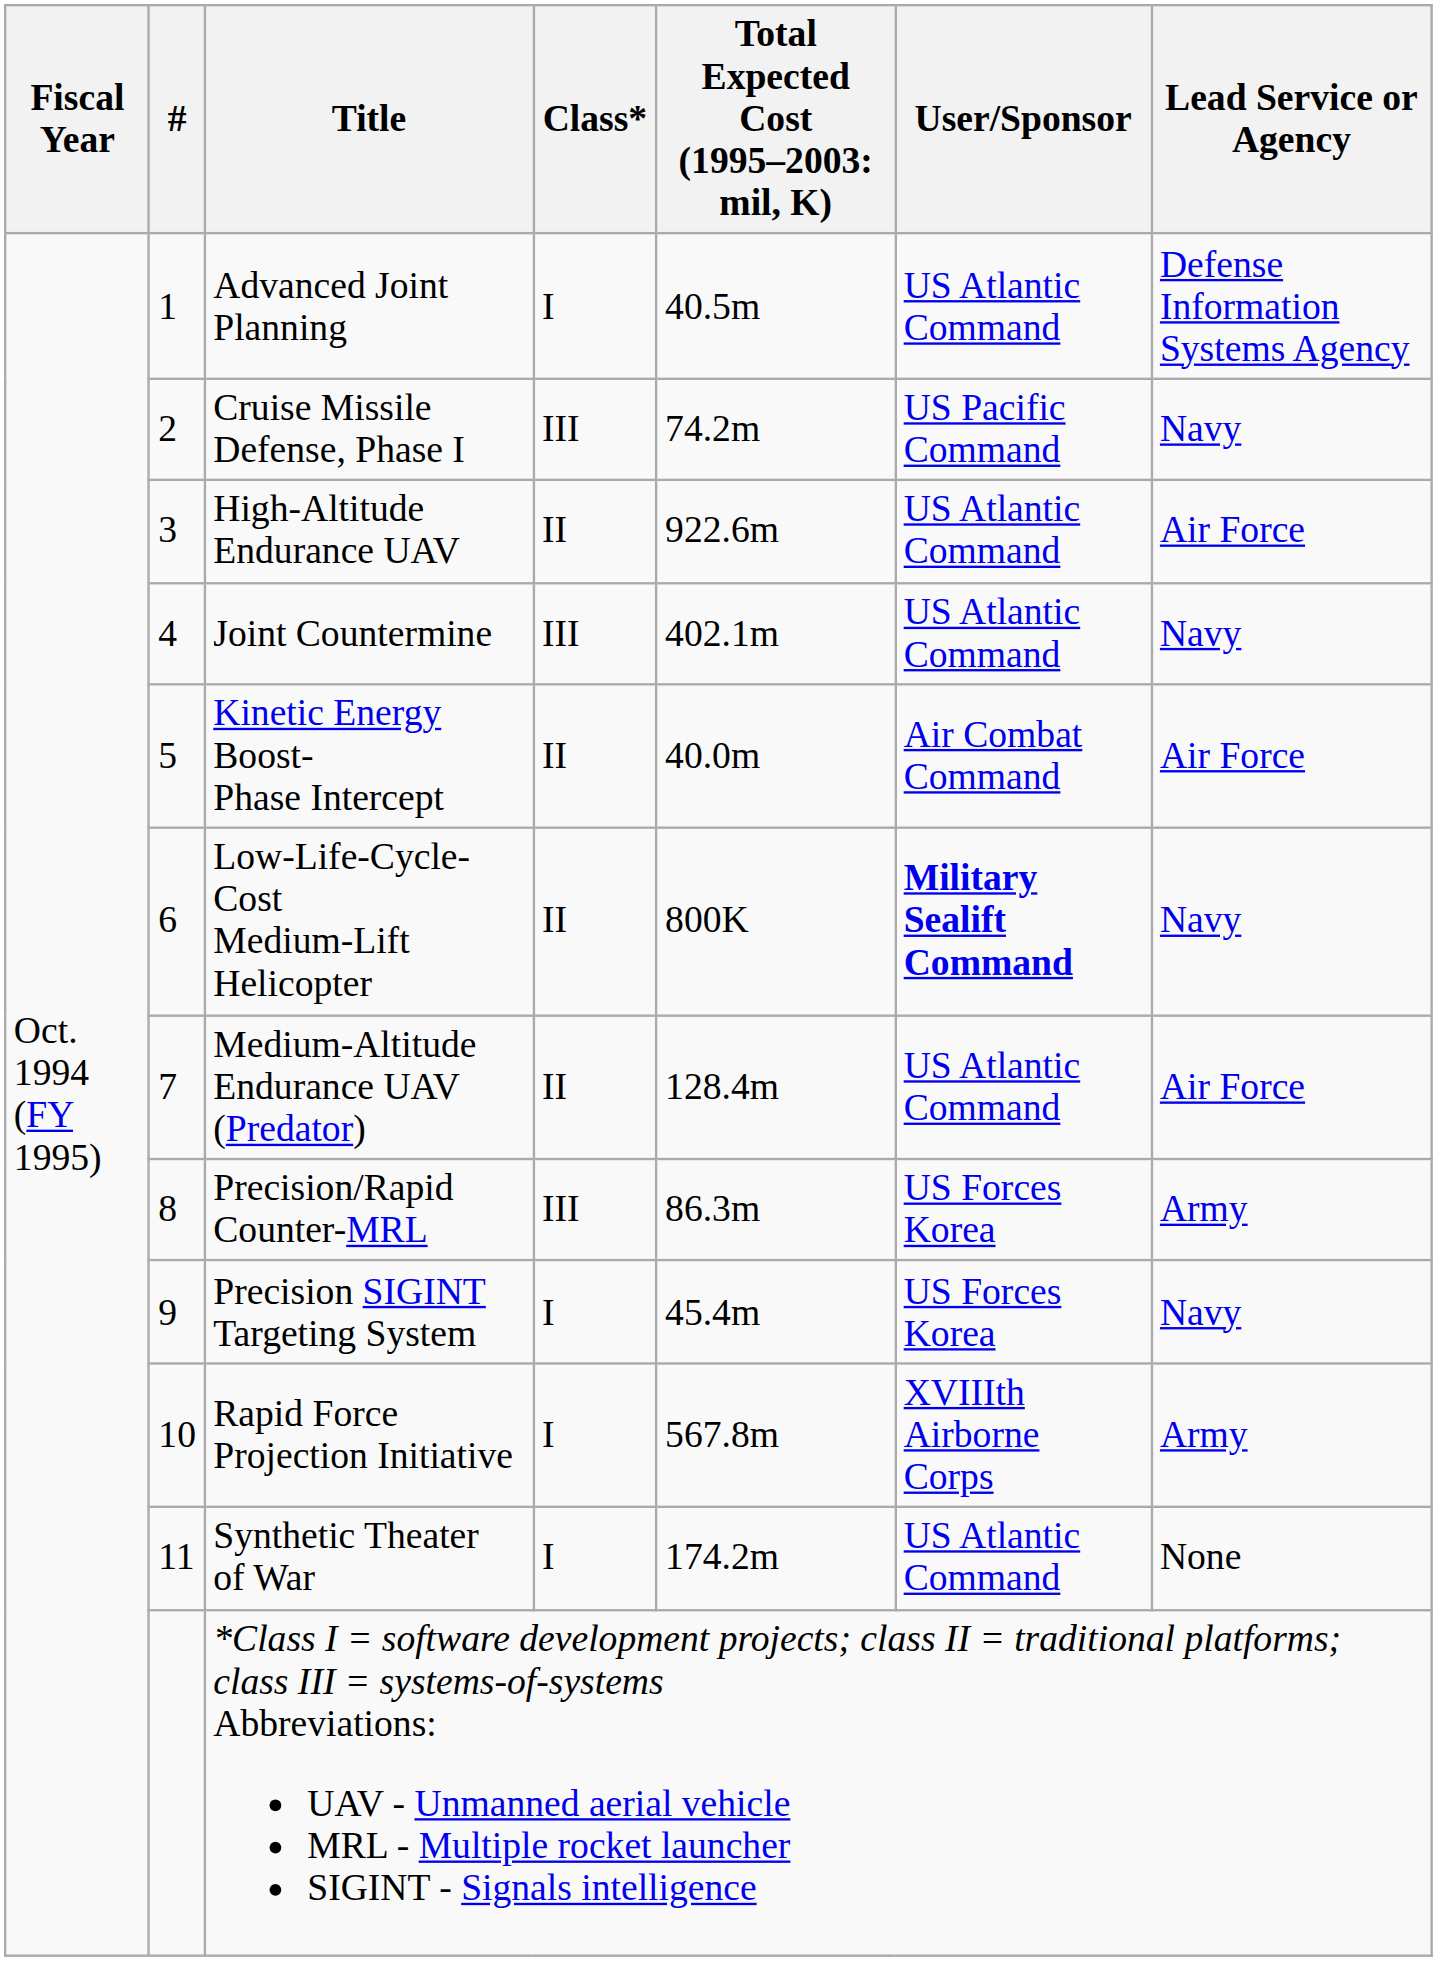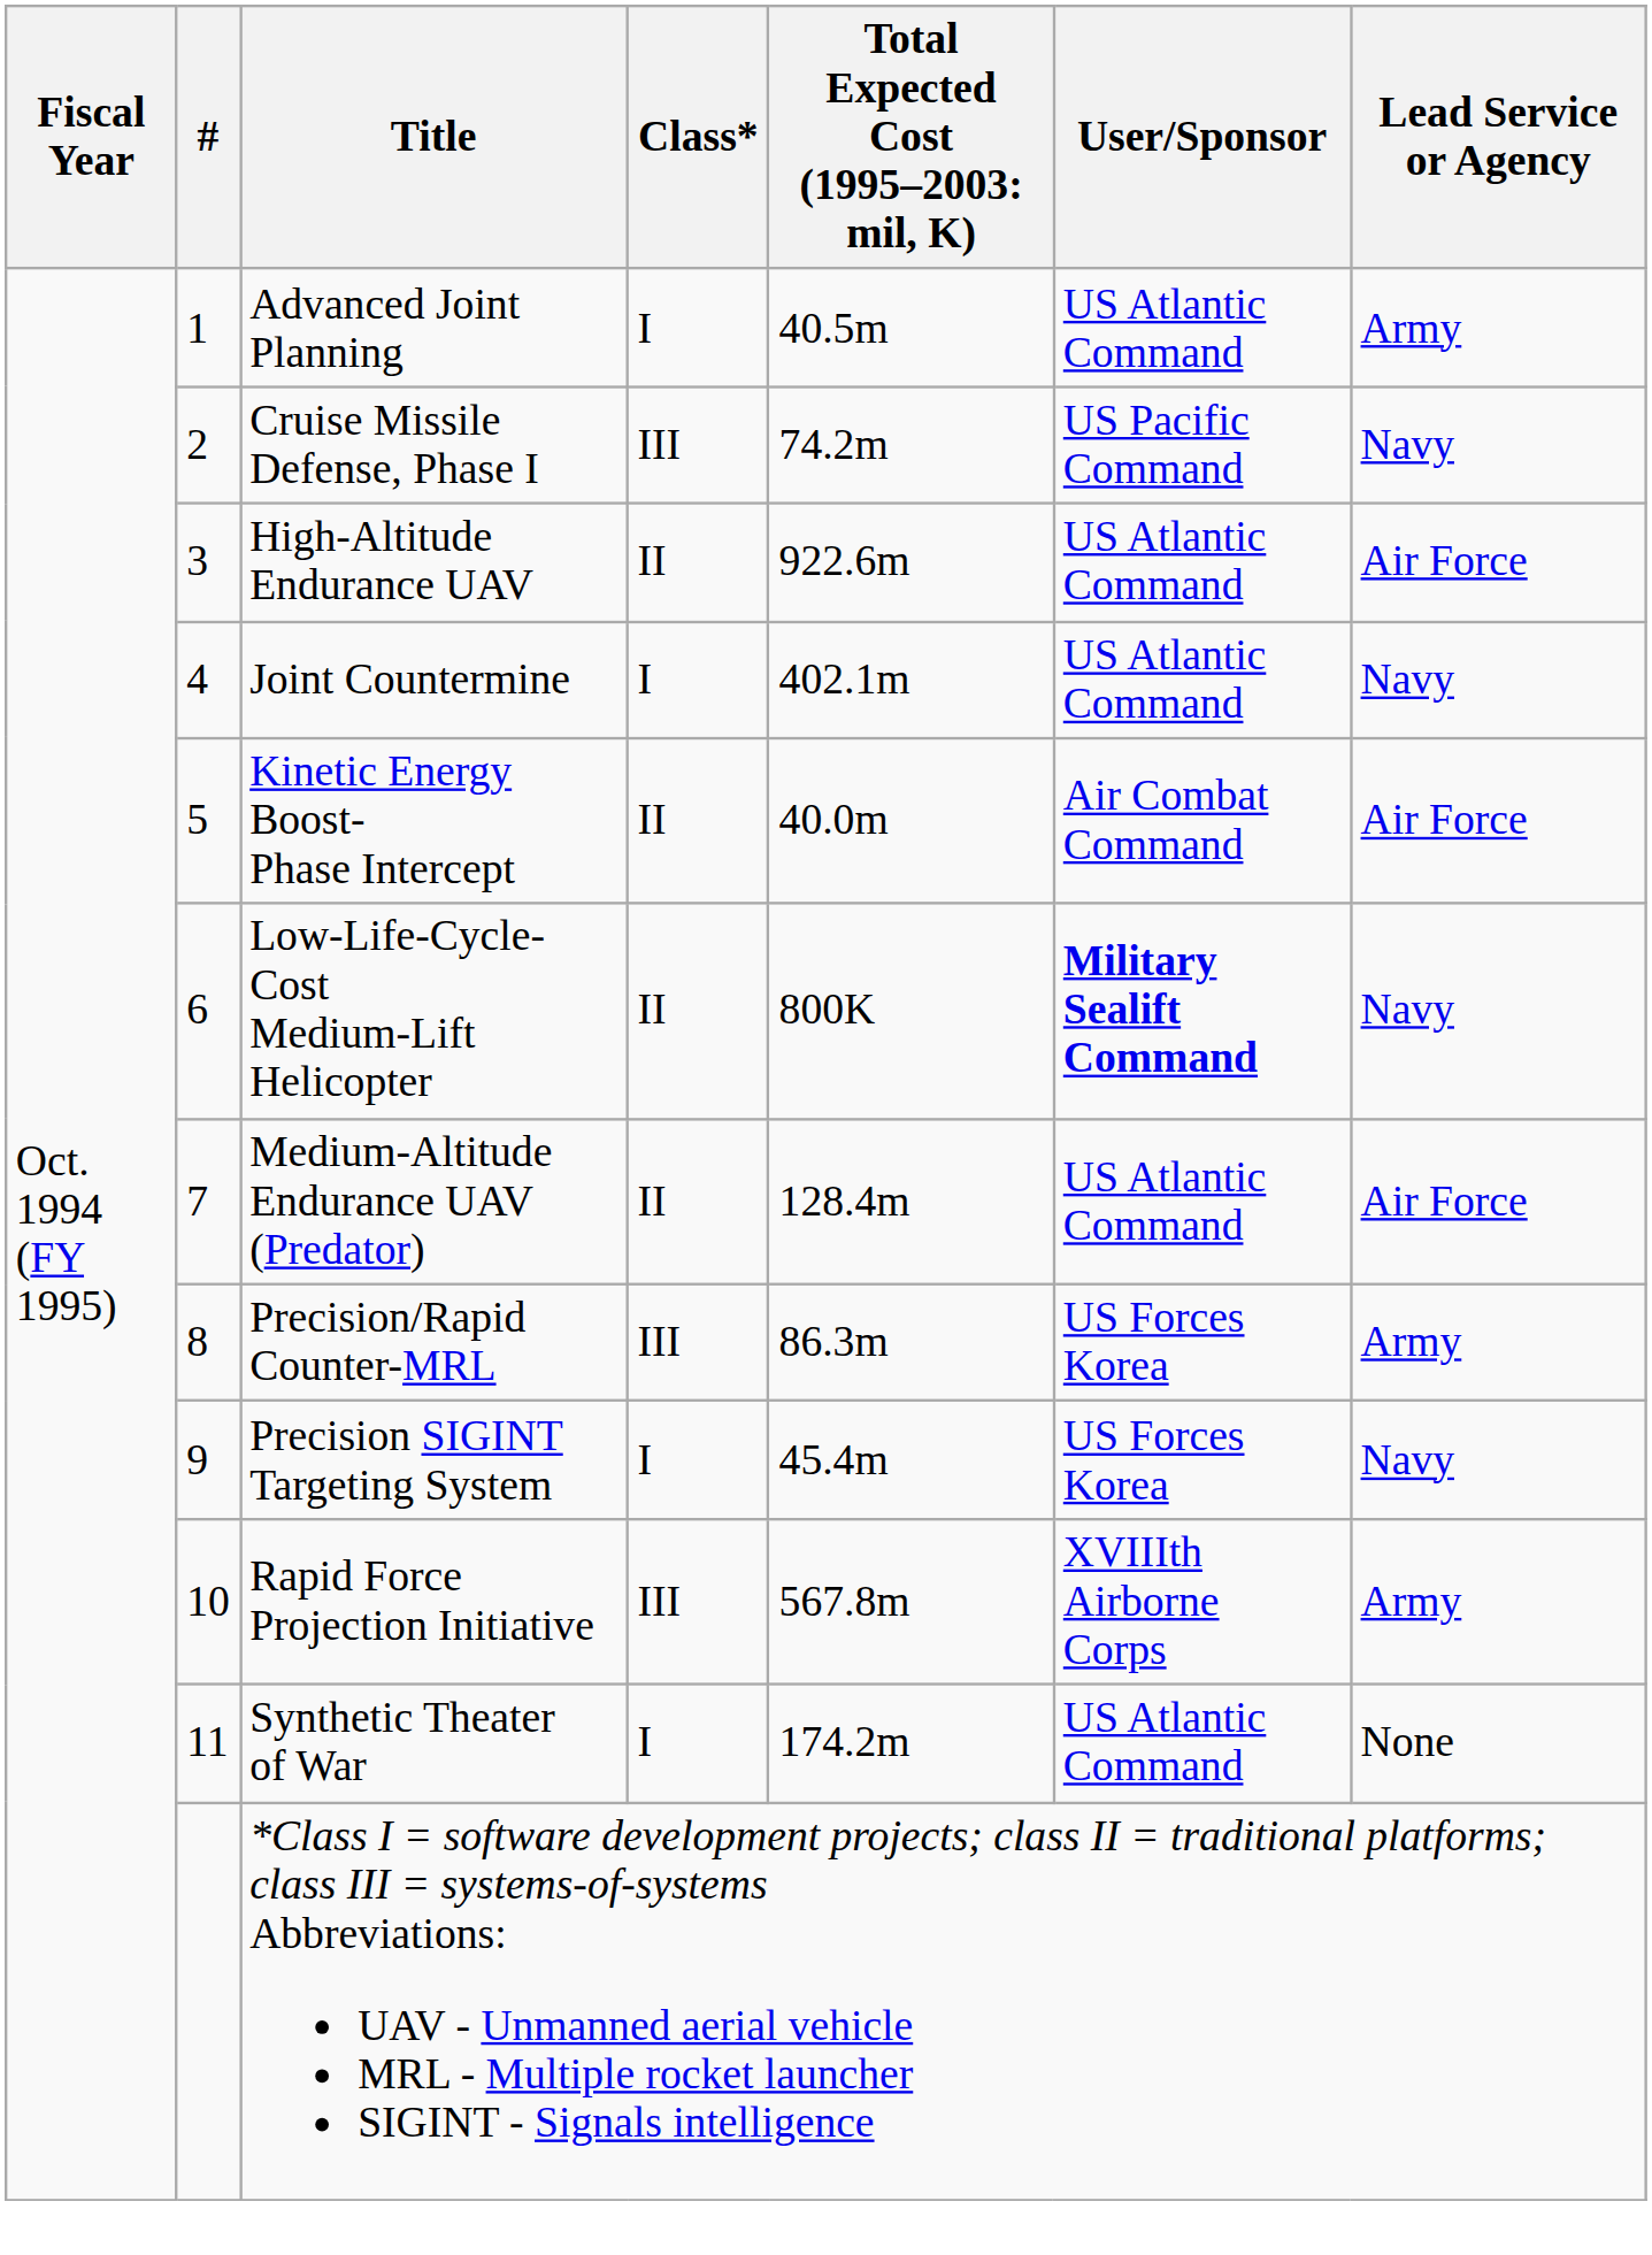 <table class="wikitable sortable mw-collapsible">
 <tr>
 <th>Fiscal Year</th>
 <th>#</th>
 <th>Title</th>
 <th>Class*</th>
 <th>Total Expected Cost<br>(1995–2003: mil, K)</th>
 <th>User/Sponsor</th>
 <th>Lead Service or Agency</th>
 </tr>
 <tr>
 <td rowspan="12">Oct. 1994<br>(<a href='#'>FY</a> 1995)</td>
 <td>1</td>
 <td>Advanced Joint<br>Planning</td>
 <td>I</td>
 <td>40.5m</td>
 <td><a href='#'>US Atlantic</a><br><a href='#'>Command</a></td>
-<td><a href='#'>Defense Information</a><br><a href='#'>Systems Agency</a></td>
+<td><a href='#'>Army</a></td>
 </tr>
 <tr>
 <td>2</td>
 <td>Cruise Missile<br>Defense, Phase I</td>
 <td>III</td>
 <td>74.2m</td>
 <td><a href='#'>US Pacific</a><br><a href='#'>Command</a></td>
 <td><a href='#'>Navy</a></td>
 </tr>
 <tr>
 <td>3</td>
 <td>High-Altitude<br>Endurance UAV</td>
 <td>II</td>
 <td>922.6m</td>
 <td><a href='#'>US Atlantic</a><br><a href='#'>Command</a></td>
 <td><a href='#'>Air Force</a></td>
 </tr>
 <tr>
 <td>4</td>
 <td>Joint Countermine</td>
-<td>III</td>
+<td>I</td>
 <td>402.1m</td>
 <td><a href='#'>US Atlantic</a><br><a href='#'>Command</a></td>
 <td><a href='#'>Navy</a></td>
 </tr>
 <tr>
 <td>5</td>
 <td><a href='#'>Kinetic Energy</a> Boost-<br>Phase Intercept</td>
 <td>II</td>
 <td>40.0m</td>
 <td><a href='#'>Air Combat</a><br><a href='#'>Command</a></td>
 <td><a href='#'>Air Force</a></td>
 </tr>
 <tr>
 <td>6</td>
 <td>Low-Life-Cycle-Cost<br>Medium-Lift  Helicopter</td>
 <td>II</td>
 <td>800K</td>
 <td><strong><a href='#'>Military Sealift</a><br><a href='#'>Command</a></strong></td>
 <td><a href='#'>Navy</a></td>
 </tr>
 <tr>
 <td>7</td>
 <td>Medium-Altitude<br>Endurance UAV  (<a href='#'>Predator</a>)</td>
 <td>II</td>
 <td>128.4m</td>
 <td><a href='#'>US Atlantic</a><br><a href='#'>Command</a></td>
 <td><a href='#'>Air Force</a></td>
 </tr>
 <tr>
 <td>8</td>
 <td>Precision/Rapid<br>Counter-<a href='#'>MRL</a></td>
 <td>III</td>
 <td>86.3m</td>
 <td><a href='#'>US Forces Korea</a></td>
 <td><a href='#'>Army</a></td>
 </tr>
 <tr>
 <td>9</td>
 <td>Precision <a href='#'>SIGINT</a><br>Targeting System</td>
 <td>I</td>
 <td>45.4m</td>
 <td><a href='#'>US Forces Korea</a></td>
 <td><a href='#'>Navy</a></td>
 </tr>
 <tr>
 <td>10</td>
 <td>Rapid Force<br>Projection Initiative</td>
-<td>I</td>
+<td>III</td>
 <td>567.8m</td>
 <td><a href='#'>XVIIIth Airborne</a><br><a href='#'>Corps</a></td>
 <td><a href='#'>Army</a></td>
 </tr>
 <tr>
 <td>11</td>
 <td>Synthetic Theater<br>of War</td>
 <td>I</td>
 <td>174.2m</td>
 <td><a href='#'>US Atlantic</a><br><a href='#'>Command</a></td>
 <td>None</td>
 </tr>
 <tr>
 <td></td>
 <td colspan="5"><em>*Class I = software development projects; class II = traditional platforms; class III = systems-of-systems</em><br>Abbreviations:<ul><li>UAV - <a href='#'>Unmanned aerial vehicle</a></li><li>MRL - <a href='#'>Multiple rocket launcher</a></li><li>SIGINT - <a href='#'>Signals intelligence</a></li></ul></td>
 </tr>
 </table>
